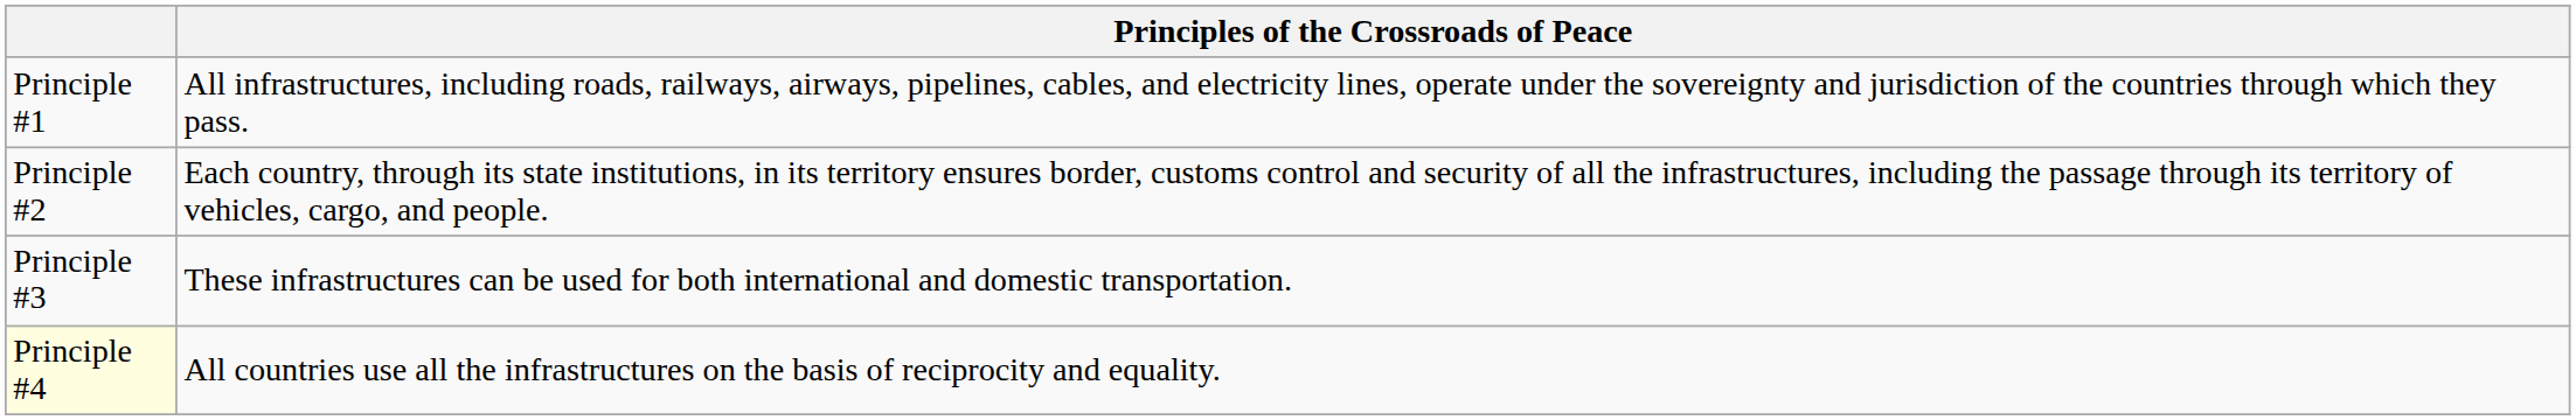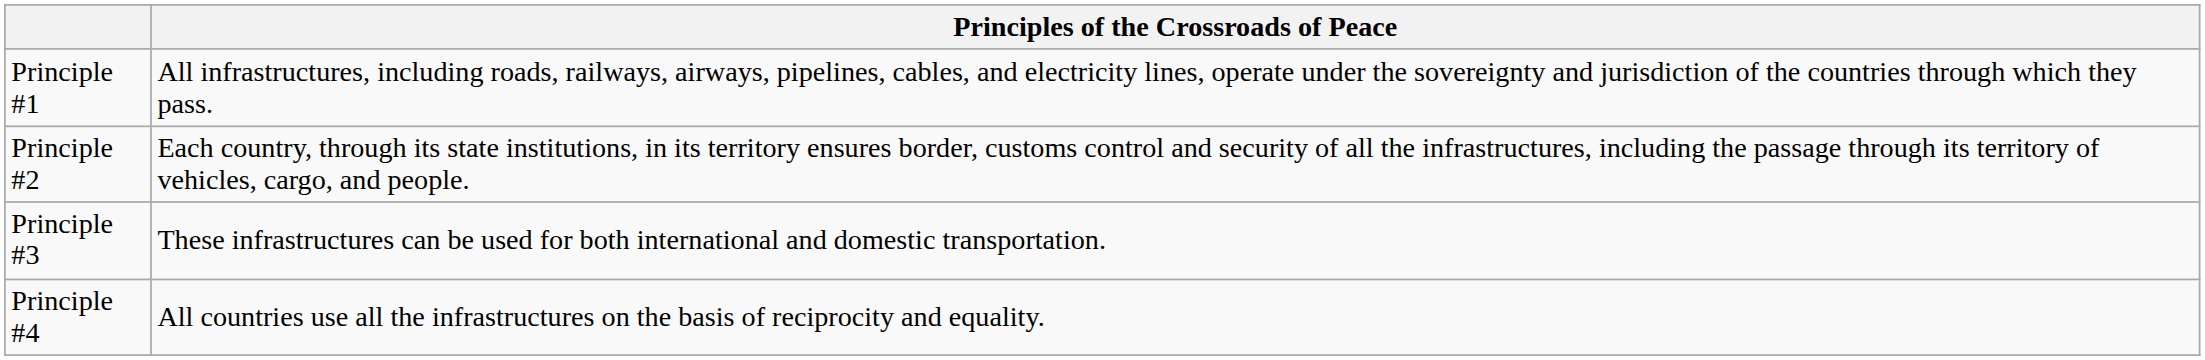 <table class="wikitable">
 <tr>
 <th></th>
 <th>Principles of the Crossroads of Peace</th>
 </tr>
 <tr>
 <td>Principle #1</td>
 <td>All infrastructures, including roads, railways, airways, pipelines, cables, and electricity lines, operate under the sovereignty and jurisdiction of the countries through which they pass.</td>
 </tr>
 <tr>
 <td>Principle #2</td>
 <td>Each country, through its state institutions, in its territory ensures border, customs control and security of all the infrastructures, including the passage through its territory of vehicles, cargo, and people.</td>
 </tr>
 <tr>
 <td>Principle #3</td>
 <td>These infrastructures can be used for both international and domestic transportation.</td>
 </tr>
 <tr>
-<td style="background: lightyellow;">Principle #4</td>
+<td>Principle #4</td>
 <td>All countries use all the infrastructures on the basis of reciprocity and equality.</td>
 </tr>
 </table>
